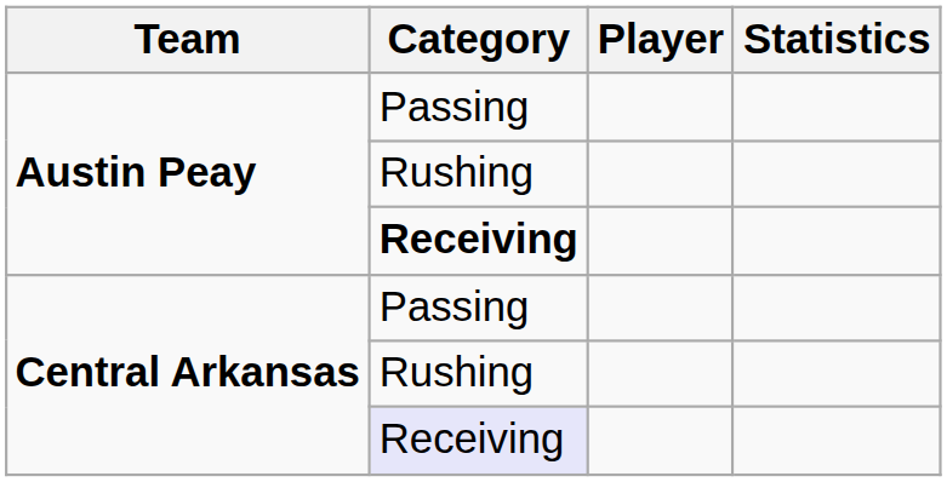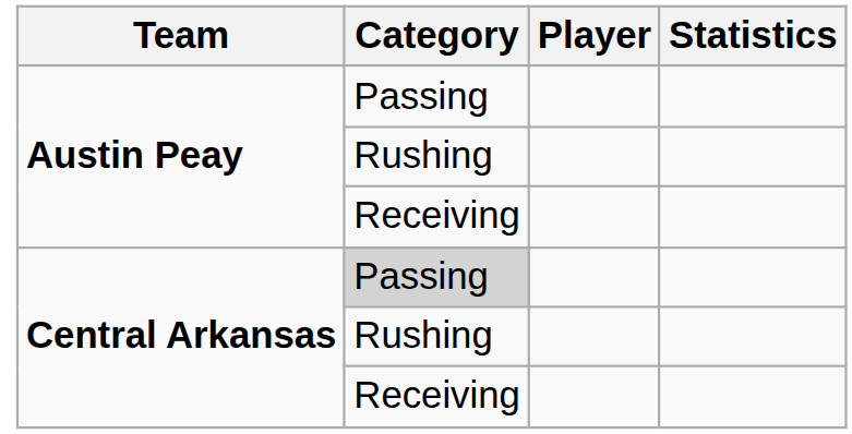 <table class="wikitable" style="float: right;">
 <tr>
 <th>Team</th>
 <th>Category</th>
 <th>Player</th>
 <th>Statistics</th>
 </tr>
 <tr>
 <td rowspan=3><strong>Austin Peay</strong></td>
 <td>Passing</td>
 <td></td>
 <td></td>
 </tr>
 <tr>
 <td>Rushing</td>
 <td></td>
 <td></td>
 </tr>
 <tr>
-<td><strong>Receiving</strong></td>
+<td>Receiving</td>
 <td></td>
 <td></td>
 </tr>
 <tr>
 <td rowspan=3><strong>Central Arkansas</strong></td>
-<td>Passing</td>
+<td style="background: lightgrey;">Passing</td>
 <td></td>
 <td></td>
 </tr>
 <tr>
 <td>Rushing</td>
 <td></td>
 <td></td>
 </tr>
 <tr>
-<td style="background: lavender;">Receiving</td>
+<td>Receiving</td>
 <td></td>
 <td></td>
 </tr>
 </table>
